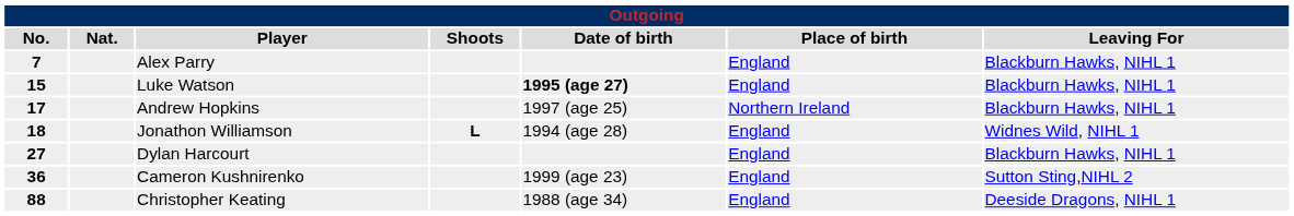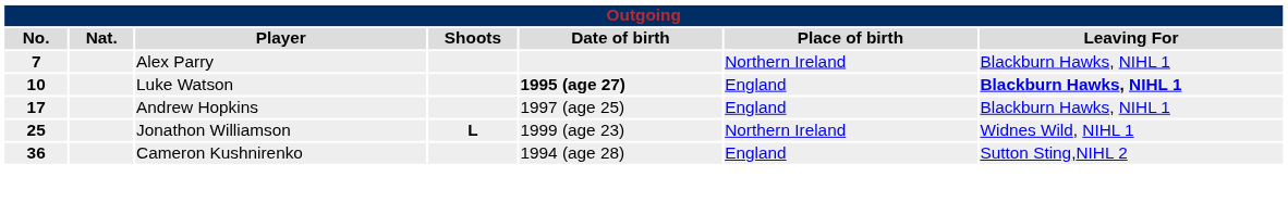 <table class="toccolours" style="width:97%; clear:both; margin:1.5em auto; text-align:center;">
 <tr>
 <th colspan="7" style="background:#002d64; color:#b92a30;”">Outgoing</th>
 </tr>
 <tr style="background:#ddd;">
 <th width="5%">No.</th>
 <th width="5%">Nat.</th>
 <th>Player</th>
 <th width="7%">Shoots</th>
 <th width="16%">Date of birth</th>
 <th width="20%">Place of birth</th>
 <th width="24%">Leaving For</th>
 </tr>
 <tr style="background:#eee;">
 <td><strong>7</strong></td>
 <td></td>
 <td align=left>Alex Parry</td>
 <td></td>
 <td align=left></td>
-<td align=left><a href='#'>England</a></td>
+<td align=left><a href='#'>Northern Ireland</a></td>
 <td align=left><a href='#'>Blackburn Hawks</a>, <a href='#'>NIHL 1</a></td>
 </tr>
 <tr style="background:#eee;">
-<td><strong>15</strong></td>
+<td><strong>10</strong></td>
 <td></td>
 <td align=left>Luke Watson</td>
 <td></td>
 <td align=left><strong>1995 (age 27)</strong></td>
 <td align=left><a href='#'>England</a></td>
-<td align=left><a href='#'>Blackburn Hawks</a>, <a href='#'>NIHL 1</a></td>
+<td align=left><strong><a href='#'>Blackburn Hawks</a>, <a href='#'>NIHL 1</a></strong></td>
 </tr>
 <tr style="background:#eee;">
 <td><strong>17</strong></td>
 <td></td>
 <td align=left>Andrew Hopkins</td>
 <td></td>
 <td align=left>1997 (age 25)</td>
-<td align=left><a href='#'>Northern Ireland</a></td>
+<td align=left><a href='#'>England</a></td>
 <td align=left><a href='#'>Blackburn Hawks</a>, <a href='#'>NIHL 1</a></td>
 </tr>
 <tr style="background:#eee;">
-<td><strong>18</strong></td>
+<td><strong>25</strong></td>
 <td></td>
 <td align=left>Jonathon Williamson</td>
 <td><strong>L</strong></td>
-<td align=left>1994 (age 28)</td>
-<td align=left><a href='#'>England</a></td>
+<td align=left>1999 (age 23)</td>
+<td align=left><a href='#'>Northern Ireland</a></td>
 <td align=left><a href='#'>Widnes Wild</a>, <a href='#'>NIHL 1</a></td>
-</tr>
-<tr style="background:#eee;">
-<td><strong>27</strong></td>
-<td></td>
-<td align=left>Dylan Harcourt</td>
-<td></td>
-<td align=left></td>
-<td align=left><a href='#'>England</a></td>
-<td align=left><a href='#'>Blackburn Hawks</a>, <a href='#'>NIHL 1</a></td>
 </tr>
 <tr style="background:#eee;">
 <td><strong>36</strong></td>
 <td></td>
 <td align=left>Cameron Kushnirenko</td>
 <td></td>
-<td align=left>1999 (age 23)</td>
+<td align=left>1994 (age 28)</td>
 <td align=left><a href='#'>England</a></td>
 <td align=left><a href='#'>Sutton Sting</a>,<a href='#'>NIHL 2</a></td>
 </tr>
-<tr style="background:#eee;">
-<td><strong>88</strong></td>
-<td></td>
-<td align=left>Christopher Keating</td>
-<td></td>
-<td align=left>1988 (age 34)</td>
-<td align=left><a href='#'>England</a></td>
-<td align=left><a href='#'>Deeside Dragons</a>, <a href='#'>NIHL 1</a></td>
-</tr>
 </table>
